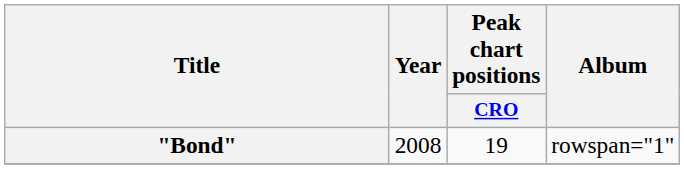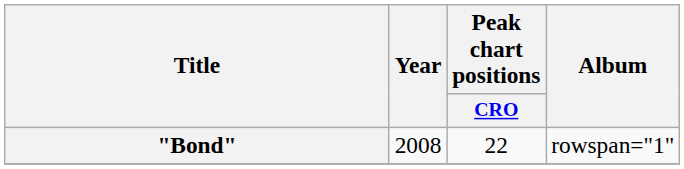 <table class="wikitable plainrowheaders" style="text-align:center;">
 <tr>
 <th scope="col" rowspan="2" style="width:16em;">Title</th>
 <th scope="col" rowspan="2" style="width:1em;">Year</th>
 <th scope="col" colspan="1">Peak chart positions</th>
 <th scope="col" rowspan="2">Album</th>
 </tr>
 <tr>
 <th scope="col" style="width:3em;font-size:85%;"><a href='#'>CRO</a><br></th>
 </tr>
 <tr>
 <th scope="row">"Bond"</th>
 <td>2008</td>
-<td>19</td>
+<td>22</td>
 <td>rowspan="1" </td>
 </tr>
 <tr>
 </tr>
 </table>
